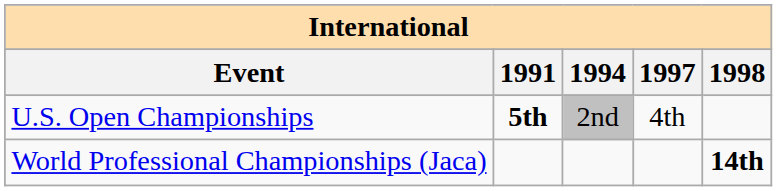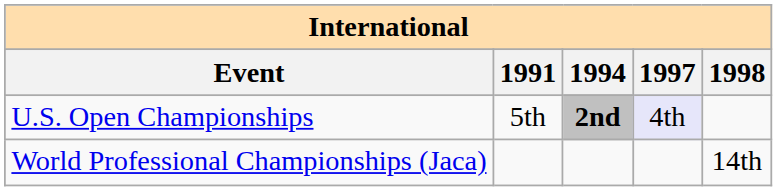 <table class="wikitable" style="text-align:center">
 <tr>
 <th colspan=9 align=center style="background-color: #ffdead; ">International</th>
 </tr>
 <tr>
 <th>Event</th>
 <th>1991</th>
 <th>1994</th>
 <th>1997</th>
 <th>1998</th>
 </tr>
 <tr>
 <td align=left><a href='#'>U.S. Open Championships</a></td>
-<td><strong>5th</strong></td>
-<td bgcolor=silver>2nd</td>
-<td>4th</td>
+<td>5th</td>
+<td bgcolor=silver><strong>2nd</strong></td>
+<td style="background: lavender;">4th</td>
 <td></td>
 </tr>
 <tr>
 <td align=left><a href='#'>World Professional Championships (Jaca)</a></td>
 <td></td>
 <td></td>
 <td></td>
-<td><strong>14th</strong></td>
+<td>14th</td>
 </tr>
 </table>
